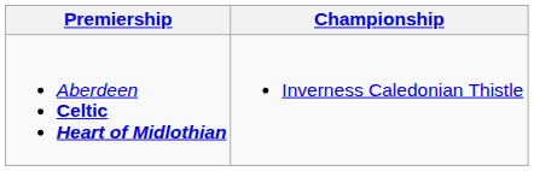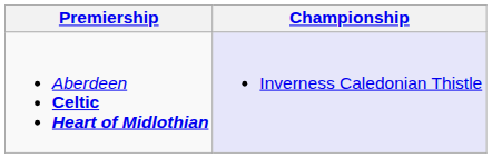 <table class="wikitable" style="text-align:left">
 <tr>
 <th><a href='#'>Premiership</a></th>
 <th><a href='#'>Championship</a></th>
 </tr>
 <tr>
 <td valign=top><br><ul><li><em><a href='#'>Aberdeen</a></em></li><li><strong><a href='#'>Celtic</a></strong></li><li><strong><em><a href='#'>Heart of Midlothian</a></em></strong></li></ul></td>
-<td valign=top><br><ul><li><a href='#'>Inverness Caledonian Thistle</a></li></ul></td>
+<td valign=top style="background: lavender;"><br><ul><li><a href='#'>Inverness Caledonian Thistle</a></li></ul></td>
 </tr>
 </table>
